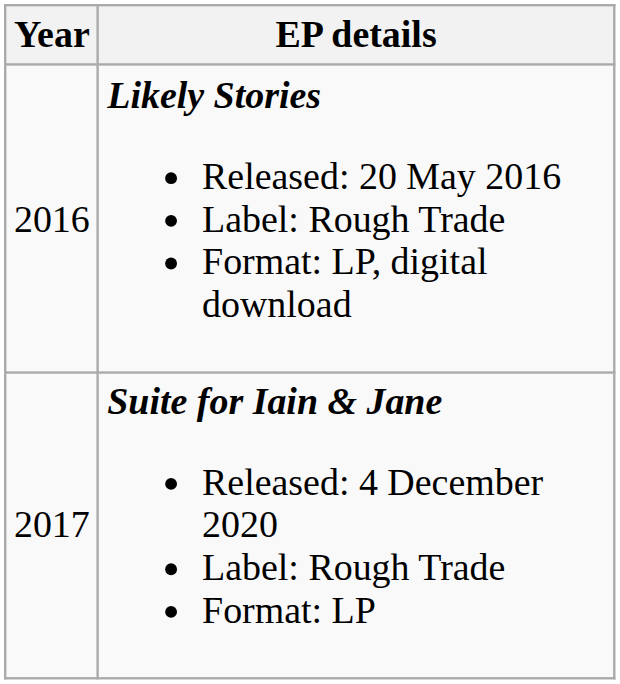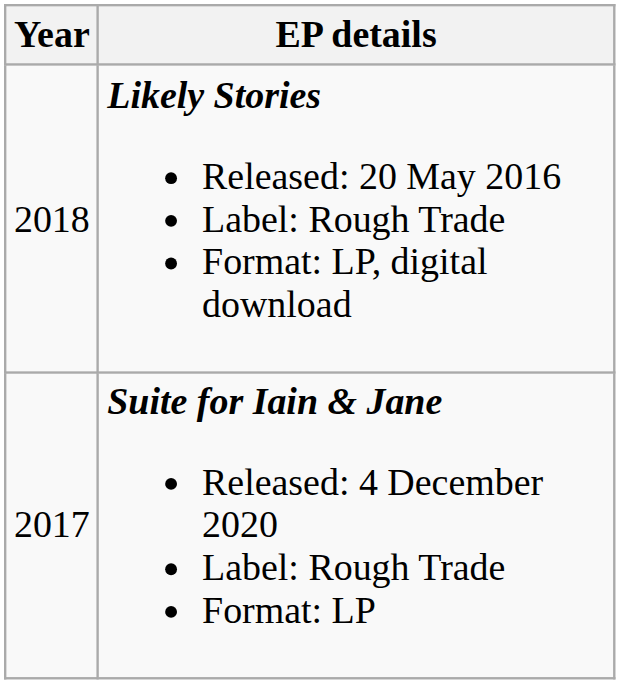 <table class="wikitable" style="text-align:center;">
 <tr>
 <th>Year</th>
 <th style="width:210px;">EP details</th>
 </tr>
 <tr>
-<td>2016</td>
+<td>2018</td>
 <td align="left"><strong><em>Likely Stories</em></strong><br><ul><li>Released: 20 May 2016</li><li>Label: Rough Trade</li><li>Format: LP, digital download</li></ul></td>
 </tr>
 <tr>
 <td>2017</td>
 <td align="left"><strong><em>Suite for Iain & Jane</em></strong><br><ul><li>Released: 4 December 2020</li><li>Label: Rough Trade</li><li>Format: LP</li></ul></td>
 </tr>
 </table>
